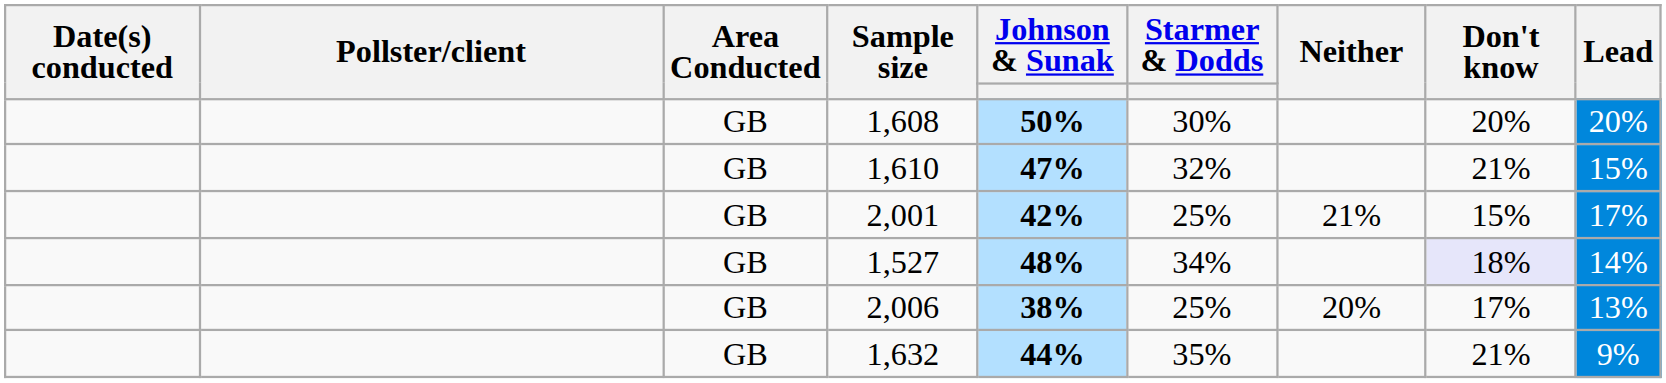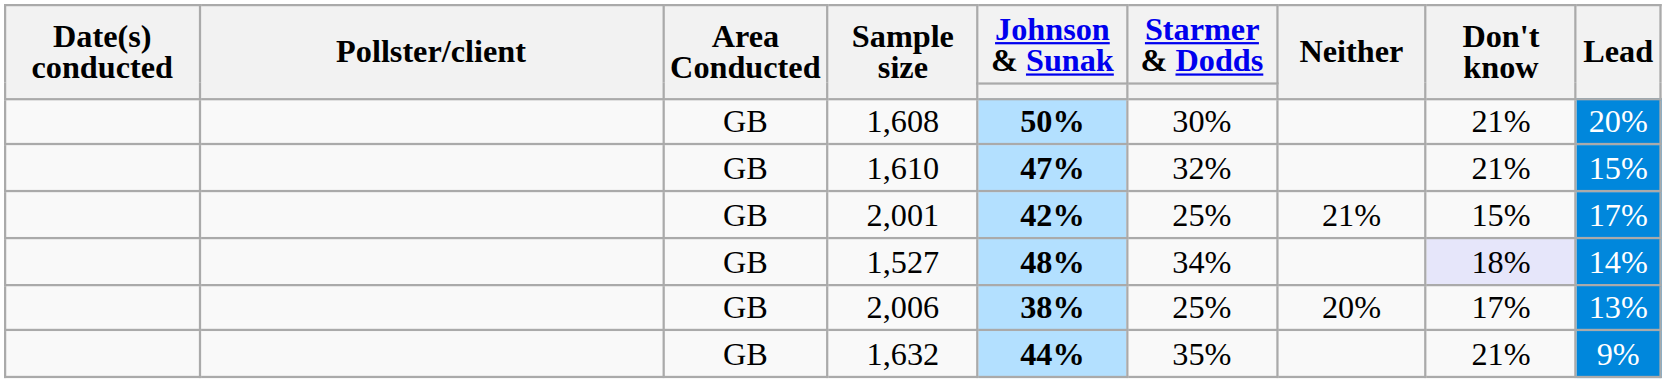 <table class="wikitable collapsible sortable mw-datatable" style="text-align:center;font-size:90%;line-height:14px">
 <tr>
 <th style="width:80px;" rowspan="2">Date(s)<br>conducted</th>
 <th style="width:200px;" rowspan="2">Pollster/client</th>
 <th style="width:60px;" rowspan="2">Area Conducted</th>
 <th style="width:60px;" rowspan="2">Sample size</th>
 <th style="width:60px;" class="unsortable"><a href='#'>Johnson</a> & <a href='#'>Sunak</a></th>
 <th style="width:60px;" class="unsortable"><a href='#'>Starmer</a> & <a href='#'>Dodds</a></th>
 <th style="width:60px;" rowspan="2" class="unsortable">Neither</th>
 <th style="width:60px;" rowspan="2" class="unsortable">Don't know</th>
 <th class="unsortable" style="width:20px;" rowspan="2">Lead</th>
 </tr>
 <tr>
 <th class="unsortable" style="color:inherit;background:"></th>
 <th class="unsortable" style="color:inherit;background:"></th>
 </tr>
 <tr>
 <td></td>
 <td> </td>
 <td>GB</td>
 <td>1,608</td>
 <td style="background:#B3E0FF"><strong>50%</strong></td>
 <td>30%</td>
 <td></td>
-<td>20%</td>
+<td>21%</td>
 <td style="background:#0087DC; color:white;">20%</td>
 </tr>
 <tr>
 <td></td>
 <td> </td>
 <td>GB</td>
 <td>1,610</td>
 <td style="background:#B3E0FF"><strong>47%</strong></td>
 <td>32%</td>
 <td></td>
 <td>21%</td>
 <td style="background:#0087DC; color:white;">15%</td>
 </tr>
 <tr>
 <td></td>
 <td></td>
 <td>GB</td>
 <td>2,001</td>
 <td style="background:#B3E0FF"><strong>42%</strong></td>
 <td>25%</td>
 <td>21%</td>
 <td>15%</td>
 <td style="background:#0087DC; color:white;">17%</td>
 </tr>
 <tr>
 <td></td>
 <td></td>
 <td>GB</td>
 <td>1,527</td>
 <td style="background:#B3E0FF"><strong>48%</strong></td>
 <td>34%</td>
 <td></td>
 <td style="background: lavender;">18%</td>
 <td style="background:#0087DC; color:white;">14%</td>
 </tr>
 <tr>
 <td></td>
 <td> </td>
 <td>GB</td>
 <td>2,006</td>
 <td style="background:#B3E0FF"><strong>38%</strong></td>
 <td>25%</td>
 <td>20%</td>
 <td>17%</td>
 <td style="background:#0087DC; color:white;">13%</td>
 </tr>
 <tr>
 <td></td>
 <td></td>
 <td>GB</td>
 <td>1,632</td>
 <td style="background:#B3E0FF"><strong>44%</strong></td>
 <td>35%</td>
 <td></td>
 <td>21%</td>
 <td style="background:#0087DC; color:white;">9%</td>
 </tr>
 </table>
